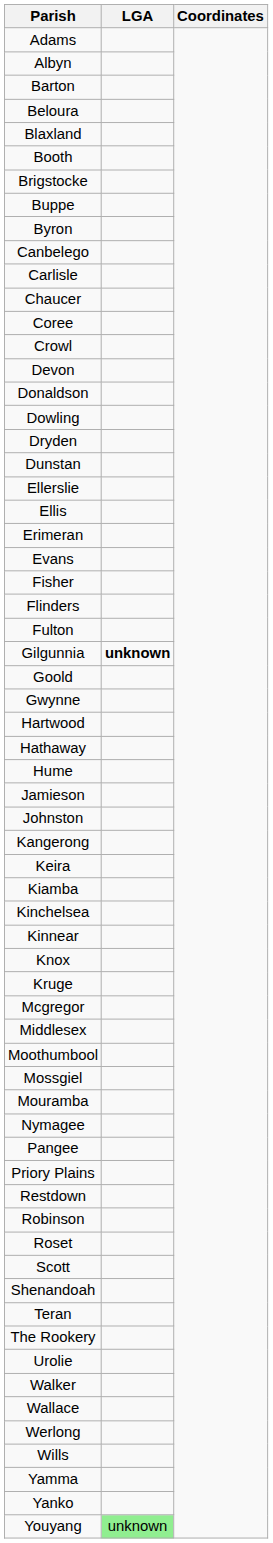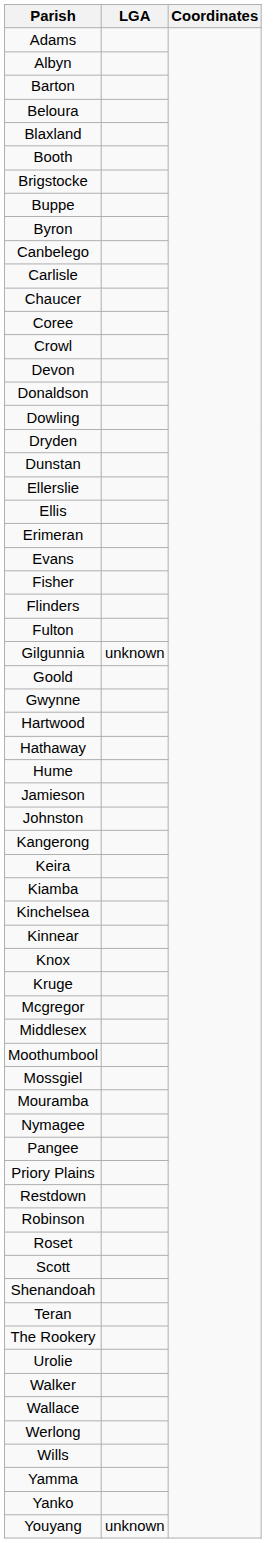 <table class="wikitable" style="text-align:center">
 <tr>
 <th>Parish</th>
 <th>LGA</th>
 <th>Coordinates</th>
 </tr>
 <tr>
 <td>Adams</td>
 <td></td>
 </tr>
 <tr>
 <td>Albyn</td>
 <td></td>
 </tr>
 <tr>
 <td>Barton</td>
 <td></td>
 </tr>
 <tr>
 <td>Beloura</td>
 <td></td>
 </tr>
 <tr>
 <td>Blaxland</td>
 <td></td>
 </tr>
 <tr>
 <td>Booth</td>
 <td></td>
 </tr>
 <tr>
 <td>Brigstocke</td>
 <td></td>
 </tr>
 <tr>
 <td>Buppe</td>
 <td></td>
 </tr>
 <tr>
 <td>Byron</td>
 <td></td>
 </tr>
 <tr>
 <td>Canbelego</td>
 <td></td>
 </tr>
 <tr>
 <td>Carlisle</td>
 <td></td>
 </tr>
 <tr>
 <td>Chaucer</td>
 <td></td>
 </tr>
 <tr>
 <td>Coree</td>
 <td></td>
 </tr>
 <tr>
 <td>Crowl</td>
 <td></td>
 </tr>
 <tr>
 <td>Devon</td>
 <td></td>
 </tr>
 <tr>
 <td>Donaldson</td>
 <td></td>
 </tr>
 <tr>
 <td>Dowling</td>
 <td></td>
 </tr>
 <tr>
 <td>Dryden</td>
 <td></td>
 </tr>
 <tr>
 <td>Dunstan</td>
 <td></td>
 </tr>
 <tr>
 <td>Ellerslie</td>
 <td></td>
 </tr>
 <tr>
 <td>Ellis</td>
 <td></td>
 </tr>
 <tr>
 <td>Erimeran</td>
 <td></td>
 </tr>
 <tr>
 <td>Evans</td>
 <td></td>
 </tr>
 <tr>
 <td>Fisher</td>
 <td></td>
 </tr>
 <tr>
 <td>Flinders</td>
 <td></td>
 </tr>
 <tr>
 <td>Fulton</td>
 <td></td>
 </tr>
 <tr>
 <td>Gilgunnia</td>
-<td><strong>unknown</strong></td>
+<td>unknown</td>
 </tr>
 <tr>
 <td>Goold</td>
 <td></td>
 </tr>
 <tr>
 <td>Gwynne</td>
 <td></td>
 </tr>
 <tr>
 <td>Hartwood</td>
 <td></td>
 </tr>
 <tr>
 <td>Hathaway</td>
 <td></td>
 </tr>
 <tr>
 <td>Hume</td>
 <td></td>
 </tr>
 <tr>
 <td>Jamieson</td>
 <td></td>
 </tr>
 <tr>
 <td>Johnston</td>
 <td></td>
 </tr>
 <tr>
 <td>Kangerong</td>
 <td></td>
 </tr>
 <tr>
 <td>Keira</td>
 <td></td>
 </tr>
 <tr>
 <td>Kiamba</td>
 <td></td>
 </tr>
 <tr>
 <td>Kinchelsea</td>
 <td></td>
 </tr>
 <tr>
 <td>Kinnear</td>
 <td></td>
 </tr>
 <tr>
 <td>Knox</td>
 <td></td>
 </tr>
 <tr>
 <td>Kruge</td>
 <td></td>
 </tr>
 <tr>
 <td>Mcgregor</td>
 <td></td>
 </tr>
 <tr>
 <td>Middlesex</td>
 <td></td>
 </tr>
 <tr>
 <td>Moothumbool</td>
 <td></td>
 </tr>
 <tr>
 <td>Mossgiel</td>
 <td></td>
 </tr>
 <tr>
 <td>Mouramba</td>
 <td></td>
 </tr>
 <tr>
 <td>Nymagee</td>
 <td></td>
 </tr>
 <tr>
 <td>Pangee</td>
 <td></td>
 </tr>
 <tr>
 <td>Priory Plains</td>
 <td></td>
 </tr>
 <tr>
 <td>Restdown</td>
 <td></td>
 </tr>
 <tr>
 <td>Robinson</td>
 <td></td>
 </tr>
 <tr>
 <td>Roset</td>
 <td></td>
 </tr>
 <tr>
 <td>Scott</td>
 <td></td>
 </tr>
 <tr>
 <td>Shenandoah</td>
 <td></td>
 </tr>
 <tr>
 <td>Teran</td>
 <td></td>
 </tr>
 <tr>
 <td>The Rookery</td>
 <td></td>
 </tr>
 <tr>
 <td>Urolie</td>
 <td></td>
 </tr>
 <tr>
 <td>Walker</td>
 <td></td>
 </tr>
 <tr>
 <td>Wallace</td>
 <td></td>
 </tr>
 <tr>
 <td>Werlong</td>
 <td></td>
 </tr>
 <tr>
 <td>Wills</td>
 <td></td>
 </tr>
 <tr>
 <td>Yamma</td>
 <td></td>
 </tr>
 <tr>
 <td>Yanko</td>
 <td></td>
 </tr>
 <tr>
 <td>Youyang</td>
-<td style="background: lightgreen;">unknown</td>
+<td>unknown</td>
 </tr>
 </table>
